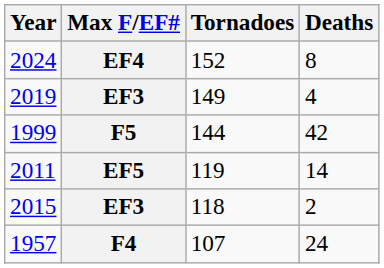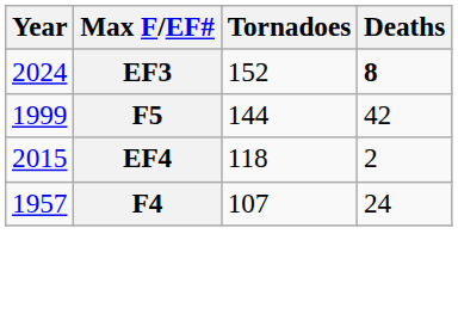 <table class="wikitable sortable">
 <tr>
 <th>Year</th>
 <th>Max <a href='#'>F</a>/<a href='#'>EF#</a></th>
 <th>Tornadoes</th>
 <th>Deaths</th>
 </tr>
 <tr>
 <td><a href='#'>2024</a></td>
-<th scope="row" rowspan="1" style="background-color:#">EF4</th>
+<th scope="row" rowspan="1" style="background-color:#">EF3</th>
 <td>152</td>
-<td>8</td>
-</tr>
-<tr>
-<td><a href='#'>2019</a></td>
-<th scope="row" rowspan="1" style="background-color:#">EF3</th>
-<td>149</td>
-<td>4</td>
+<td><strong>8</strong></td>
 </tr>
 <tr>
 <td><a href='#'>1999</a></td>
 <th scope="row" rowspan="1" style="background-color:#">F5</th>
 <td>144</td>
 <td>42</td>
 </tr>
 <tr>
-<td><a href='#'>2011</a></td>
-<th scope="row" rowspan="1" style="background-color:#">EF5</th>
-<td>119</td>
-<td>14</td>
-</tr>
-<tr>
 <td><a href='#'>2015</a></td>
-<th scope="row" rowspan="1" style="background-color:#">EF3</th>
+<th scope="row" rowspan="1" style="background-color:#">EF4</th>
 <td>118</td>
 <td>2</td>
 </tr>
 <tr>
 <td><a href='#'>1957</a></td>
 <th scope="row" rowspan="1" style="background-color:#">F4</th>
 <td>107</td>
 <td>24</td>
 </tr>
 </table>
